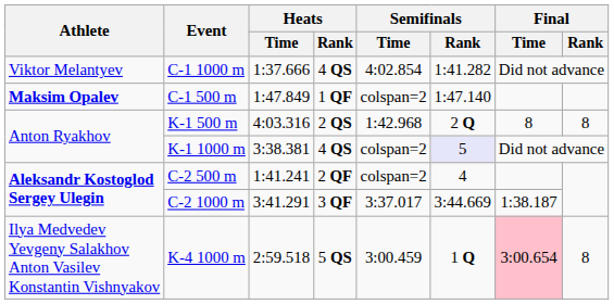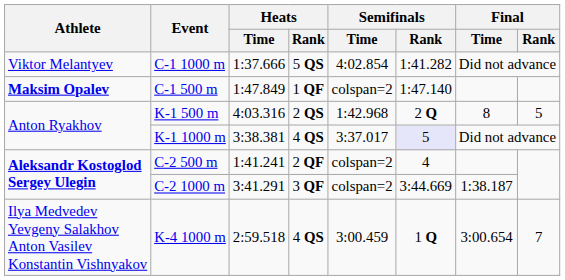 <table class=wikitable style="font-size:90%">
 <tr>
 <th rowspan="2">Athlete</th>
 <th rowspan="2">Event</th>
 <th colspan="2">Heats</th>
 <th colspan="2">Semifinals</th>
 <th colspan="2">Final</th>
 </tr>
 <tr style="font-size:95%">
 <th>Time</th>
 <th>Rank</th>
 <th>Time</th>
 <th>Rank</th>
 <th>Time</th>
 <th>Rank</th>
 </tr>
 <tr align=center>
 <td align=left><a href='#'>Viktor Melantyev</a></td>
 <td align=left><a href='#'>C-1 1000 m</a></td>
 <td>1:37.666</td>
-<td>4 <strong>QS</strong></td>
+<td>5 <strong>QS</strong></td>
 <td>4:02.854</td>
 <td>1:41.282</td>
 <td colspan=2>Did not advance</td>
 </tr>
 <tr align=center>
 <td align=left><strong><a href='#'>Maksim Opalev</a></strong></td>
 <td align=left><a href='#'>C-1 500 m</a></td>
 <td>1:47.849</td>
 <td>1 <strong>QF</strong></td>
 <td>colspan=2 </td>
 <td>1:47.140</td>
 <td></td>
 </tr>
 <tr align=center>
 <td align=left rowspan=2><a href='#'>Anton Ryakhov</a></td>
 <td align=left><a href='#'>K-1 500 m</a></td>
 <td>4:03.316</td>
 <td>2 <strong>QS</strong></td>
 <td>1:42.968</td>
 <td>2 <strong>Q</strong></td>
 <td>8</td>
-<td>8</td>
+<td>5</td>
 </tr>
 <tr align=center>
 <td align=left><a href='#'>K-1 1000 m</a></td>
 <td>3:38.381</td>
 <td>4 <strong>QS</strong></td>
-<td>colspan=2 </td>
+<td>3:37.017</td>
 <td style="background: lavender;">5</td>
 <td colspan=2>Did not advance</td>
 </tr>
 <tr align=center>
 <td align=left rowspan=2><strong><a href='#'>Aleksandr Kostoglod</a><br><a href='#'>Sergey Ulegin</a></strong></td>
 <td align=left><a href='#'>C-2 500 m</a></td>
 <td>1:41.241</td>
 <td>2 <strong>QF</strong></td>
 <td>colspan=2 </td>
 <td>4</td>
 <td></td>
 </tr>
 <tr align=center>
 <td align=left><a href='#'>C-2 1000 m</a></td>
 <td>3:41.291</td>
 <td>3 <strong>QF</strong></td>
-<td>3:37.017</td>
+<td>colspan=2 </td>
 <td>3:44.669</td>
 <td>1:38.187</td>
 </tr>
 <tr align=center>
 <td align=left><a href='#'>Ilya Medvedev</a><br><a href='#'>Yevgeny Salakhov</a><br><a href='#'>Anton Vasilev</a><br><a href='#'>Konstantin Vishnyakov</a></td>
 <td align=left><a href='#'>K-4 1000 m</a></td>
 <td>2:59.518</td>
-<td>5 <strong>QS</strong></td>
+<td>4 <strong>QS</strong></td>
 <td>3:00.459</td>
 <td>1 <strong>Q</strong></td>
-<td style="background: pink;">3:00.654</td>
-<td>8</td>
+<td>3:00.654</td>
+<td>7</td>
 </tr>
 </table>
